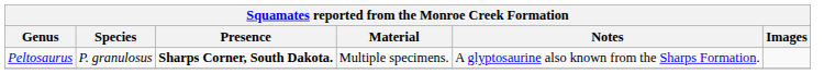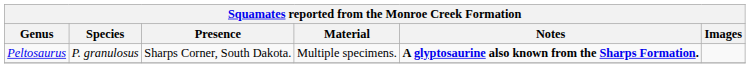 <table class="wikitable" align="center">
 <tr>
 <th colspan="6" align="center"><strong><a href='#'>Squamates</a> reported from the Monroe Creek Formation</strong></th>
 </tr>
 <tr>
 <th>Genus</th>
 <th>Species</th>
 <th>Presence</th>
 <th><strong>Material</strong></th>
 <th>Notes</th>
 <th>Images</th>
 </tr>
 <tr>
 <td><em><a href='#'>Peltosaurus</a></em></td>
 <td><em>P. granulosus</em></td>
-<td><strong>Sharps Corner, South Dakota.</strong></td>
+<td>Sharps Corner, South Dakota.</td>
 <td>Multiple specimens.</td>
-<td>A <a href='#'>glyptosaurine</a> also known from the <a href='#'>Sharps Formation</a>.</td>
+<td><strong>A <a href='#'>glyptosaurine</a> also known from the <a href='#'>Sharps Formation</a>.</strong></td>
 <td></td>
 </tr>
 <tr>
 </tr>
 </table>
